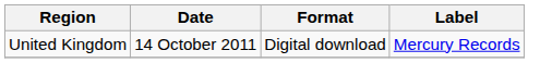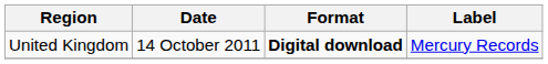 <table class=wikitable>
 <tr>
 <th>Region</th>
 <th>Date</th>
 <th>Format</th>
 <th>Label</th>
 </tr>
 <tr>
 <td>United Kingdom</td>
 <td>14 October 2011</td>
-<td>Digital download</td>
+<td><strong>Digital download</strong></td>
 <td><a href='#'>Mercury Records</a></td>
 </tr>
 <tr>
 </tr>
 </table>
